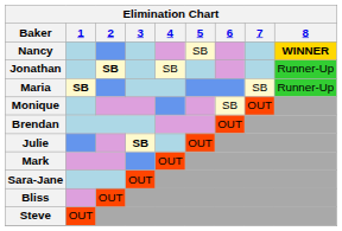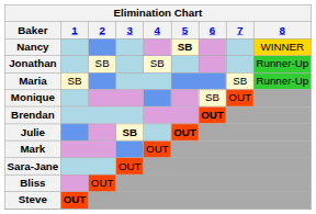 <table class="wikitable" style="text-align:center">
 <tr>
 <th colspan="11">Elimination Chart</th>
 </tr>
 <tr>
 <th>Baker</th>
 <th><a href='#'>1</a></th>
 <th><a href='#'>2</a></th>
 <th><a href='#'>3</a></th>
 <th><a href='#'>4</a></th>
 <th><a href='#'>5</a></th>
 <th><a href='#'>6</a></th>
 <th><a href='#'>7</a></th>
 <th><a href='#'>8</a></th>
 </tr>
 <tr>
 <th>Nancy</th>
 <td style="background:LightBlue;"></td>
 <td style="background:CornflowerBlue;"></td>
 <td style="background:LightBlue;"></td>
 <td style="background:Plum;"></td>
-<td style="background:LemonChiffon;">SB</td>
+<td style="background:LemonChiffon;"><strong>SB</strong></td>
 <td style="background:Plum;"></td>
 <td style="background:LightBlue;"></td>
-<td style="background:Gold;"><strong>WINNER</strong></td>
+<td style="background:Gold;">WINNER</td>
 </tr>
 <tr>
 <th>Jonathan</th>
 <td style="background:LightBlue;"></td>
-<td style="background:LemonChiffon;"><strong>SB</strong></td>
+<td style="background:LemonChiffon;">SB</td>
 <td style="background:LightBlue;"></td>
 <td style="background:LemonChiffon;">SB</td>
 <td style="background:LightBlue;"></td>
 <td style="background:Plum;"></td>
 <td style="background:LightBlue;"></td>
 <td style="background:LimeGreen;">Runner-Up</td>
 </tr>
 <tr>
 <th>Maria</th>
-<td style="background:LemonChiffon;"><strong>SB</strong></td>
+<td style="background:LemonChiffon;">SB</td>
 <td style="background:CornflowerBlue;"></td>
 <td colspan="2" style="background:LightBlue;"></td>
 <td colspan="2" style="background:CornflowerBlue;"></td>
 <td style="background:LemonChiffon;">SB</td>
 <td style="background:LimeGreen;">Runner-Up</td>
 </tr>
 <tr>
 <th>Monique</th>
 <td style="background:LightBlue;"></td>
 <td colspan="2" style="background:Plum;"></td>
 <td style="background:CornflowerBlue;"></td>
 <td style="background:Plum;"></td>
 <td style="background:LemonChiffon;">SB</td>
 <td style="background:OrangeRed;">OUT</td>
 <td colspan="1" style="background:DarkGrey;"></td>
 </tr>
 <tr>
 <th>Brendan</th>
 <td colspan="3" style="background:LightBlue;"></td>
 <td colspan="2" style="background:Plum;"></td>
-<td style="background:OrangeRed;">OUT</td>
+<td style="background:OrangeRed;"><strong>OUT</strong></td>
 <td colspan="2" style="background:DarkGrey;"></td>
 </tr>
 <tr>
 <th>Julie</th>
 <td style="background:CornflowerBlue;"></td>
 <td style="background:Plum;"></td>
 <td style="background:LemonChiffon;"><strong>SB</strong></td>
 <td style="background:LightBlue;"></td>
-<td style="background:OrangeRed;">OUT</td>
+<td style="background:OrangeRed;"><strong>OUT</strong></td>
 <td colspan="3" style="background:DarkGrey;"></td>
 </tr>
 <tr>
 <th>Mark</th>
 <td colspan="2" style="background:Plum;"></td>
 <td style="background:CornflowerBlue;"></td>
 <td style="background:OrangeRed;">OUT</td>
 <td colspan="4" style="background:DarkGrey;"></td>
 </tr>
 <tr>
 <th>Sara-Jane</th>
 <td colspan="2" style="background:LightBlue;"></td>
 <td style="background:OrangeRed;">OUT</td>
 <td colspan="5" style="background:DarkGrey;"></td>
 </tr>
 <tr>
 <th>Bliss</th>
 <td style="background:Plum;"></td>
 <td style="background:OrangeRed;">OUT</td>
 <td colspan="6" style="background:DarkGrey;"></td>
 </tr>
 <tr>
 <th>Steve</th>
-<td style="background:OrangeRed;">OUT</td>
+<td style="background:OrangeRed;"><strong>OUT</strong></td>
 <td colspan="7" style="background:DarkGrey;"></td>
 </tr>
 <tr>
 </tr>
 </table>
